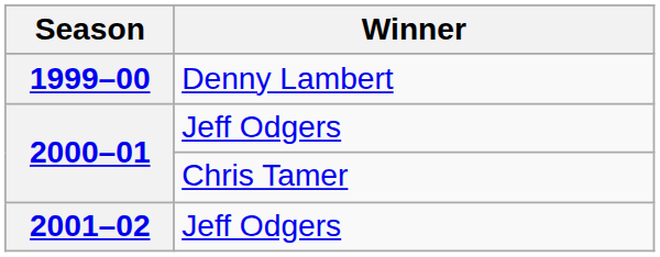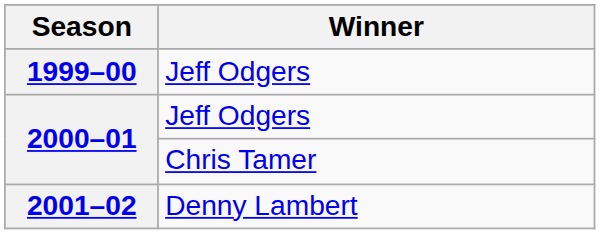 <table class="wikitable">
 <tr>
 <th scope="col" style="width:5em">Season</th>
 <th scope="col" style="width:15em">Winner</th>
 </tr>
 <tr>
 <th scope="row"><a href='#'>1999–00</a></th>
-<td><a href='#'>Denny Lambert</a></td>
+<td><a href='#'>Jeff Odgers</a></td>
 </tr>
 <tr>
 <th scope="row" rowspan="2"><a href='#'>2000–01</a></th>
 <td><a href='#'>Jeff Odgers</a></td>
 </tr>
 <tr>
 <td><a href='#'>Chris Tamer</a></td>
 </tr>
 <tr>
 <th scope="row"><a href='#'>2001–02</a></th>
-<td><a href='#'>Jeff Odgers</a></td>
+<td><a href='#'>Denny Lambert</a></td>
 </tr>
 </table>
